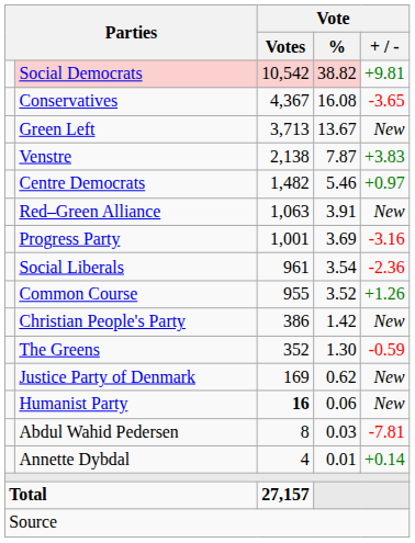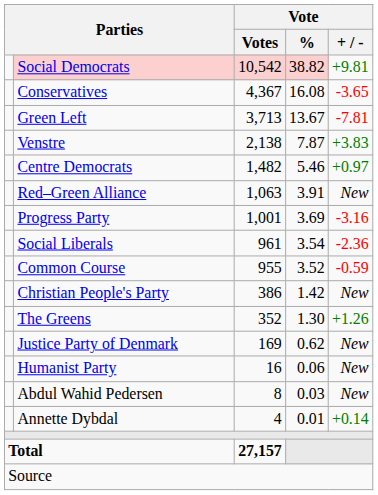 <table class="wikitable" style="text-align:right;">
 <tr>
 <th style="text-align:centre;" rowspan="2" colspan="2" width="225">Parties</th>
 <th colspan="3">Vote</th>
 </tr>
 <tr>
 <th width="15">Votes</th>
 <th width="15">%</th>
 <th width="15">+ / -</th>
 </tr>
 <tr>
 <td width="2" style="color:inherit;background:"></td>
 <td bgcolor=#fbd0ce  align="left"><a href='#'>Social Democrats</a></td>
 <td bgcolor=#fbd0ce>10,542</td>
 <td bgcolor=#fbd0ce>38.82</td>
 <td style=color:green;>+9.81</td>
 </tr>
 <tr>
 <td width="2" style="color:inherit;background:"></td>
 <td align="left"><a href='#'>Conservatives</a></td>
 <td>4,367</td>
 <td>16.08</td>
 <td style=color:red;>-3.65</td>
 </tr>
 <tr>
 <td width="2" style="color:inherit;background:"></td>
 <td align="left"><a href='#'>Green Left</a></td>
 <td>3,713</td>
 <td>13.67</td>
-<td><em>New</em></td>
+<td style=color:red;>-7.81</td>
 </tr>
 <tr>
 <td width="2" style="color:inherit;background:"></td>
 <td align="left"><a href='#'>Venstre</a></td>
 <td>2,138</td>
 <td>7.87</td>
 <td style=color:green;>+3.83</td>
 </tr>
 <tr>
 <td width="2" style="color:inherit;background:"></td>
 <td align="left"><a href='#'>Centre Democrats</a></td>
 <td>1,482</td>
 <td>5.46</td>
 <td style=color:green;>+0.97</td>
 </tr>
 <tr>
 <td width="2" style="color:inherit;background:"></td>
 <td align="left"><a href='#'>Red–Green Alliance</a></td>
 <td>1,063</td>
 <td>3.91</td>
 <td><em>New</em></td>
 </tr>
 <tr>
 <td width="2" style="color:inherit;background:"></td>
 <td align="left"><a href='#'>Progress Party</a></td>
 <td>1,001</td>
 <td>3.69</td>
 <td style=color:red;>-3.16</td>
 </tr>
 <tr>
 <td width="2" style="color:inherit;background:"></td>
 <td align="left"><a href='#'>Social Liberals</a></td>
 <td>961</td>
 <td>3.54</td>
 <td style=color:red;>-2.36</td>
 </tr>
 <tr>
 <td width="2" style="color:inherit;background:"></td>
 <td align="left"><a href='#'>Common Course</a></td>
 <td>955</td>
 <td>3.52</td>
-<td style=color:green;>+1.26</td>
+<td style=color:red;>-0.59</td>
 </tr>
 <tr>
 <td width="2" style="color:inherit;background:"></td>
 <td align="left"><a href='#'>Christian People's Party</a></td>
 <td>386</td>
 <td>1.42</td>
 <td><em>New</em></td>
 </tr>
 <tr>
 <td width="2" style="color:inherit;background:"></td>
 <td align="left"><a href='#'>The Greens</a></td>
 <td>352</td>
 <td>1.30</td>
-<td style=color:red;>-0.59</td>
+<td style=color:green;>+1.26</td>
 </tr>
 <tr>
 <td width="2" style="color:inherit;background:"></td>
 <td align="left"><a href='#'>Justice Party of Denmark</a></td>
 <td>169</td>
 <td>0.62</td>
 <td><em>New</em></td>
 </tr>
 <tr>
 <td width="2" style="color:inherit;background:"></td>
 <td align="left"><a href='#'>Humanist Party</a></td>
-<td><strong>16</strong></td>
+<td>16</td>
 <td>0.06</td>
 <td><em>New</em></td>
 </tr>
 <tr>
 <td width="2" style="color:inherit;background:"></td>
 <td align="left">Abdul Wahid Pedersen</td>
 <td>8</td>
 <td>0.03</td>
-<td style=color:red;>-7.81</td>
+<td><em>New</em></td>
 </tr>
 <tr>
 <td width="2" style="color:inherit;background:"></td>
 <td align="left">Annette Dybdal</td>
 <td>4</td>
 <td>0.01</td>
 <td style=color:green;>+0.14</td>
 </tr>
 <tr>
 <td colspan="7" bgcolor="#E9E9E9"></td>
 </tr>
 <tr>
 <td align="left" colspan="2"><strong>Total</strong></td>
 <td><strong>27,157</strong></td>
 <td bgcolor="#E9E9E9" colspan="2"></td>
 </tr>
 <tr>
 <td align="left" colspan="6">Source</td>
 </tr>
 </table>
